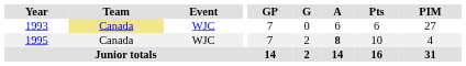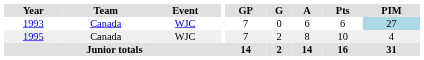 <table border="0" cellpadding="1" cellspacing="0" ID="Table3" style="text-align:center; width:40em">
 <tr bgcolor="#e0e0e0">
 <th>Year</th>
 <th>Team</th>
 <th>Event</th>
 <th rowspan="102" bgcolor="#ffffff"></th>
 <th>GP</th>
 <th>G</th>
 <th>A</th>
 <th>Pts</th>
 <th>PIM</th>
 </tr>
 <tr>
 <td><a href='#'>1993</a></td>
-<td style="background: khaki;"><a href='#'>Canada</a></td>
+<td><a href='#'>Canada</a></td>
 <td><a href='#'>WJC</a></td>
 <td>7</td>
 <td>0</td>
 <td>6</td>
 <td>6</td>
-<td>27</td>
+<td style="background: lightblue;">27</td>
 </tr>
 <tr bgcolor="#f0f0f0">
 <td><a href='#'>1995</a></td>
 <td>Canada</td>
 <td>WJC</td>
 <td>7</td>
 <td>2</td>
-<td><strong>8</strong></td>
+<td>8</td>
 <td>10</td>
 <td>4</td>
 </tr>
 <tr bgcolor="#e0e0e0">
 <th colspan=4>Junior totals</th>
 <th>14</th>
 <th>2</th>
 <th>14</th>
 <th>16</th>
 <th>31</th>
 </tr>
 </table>
